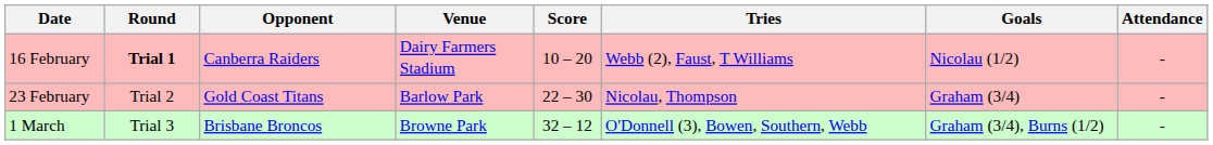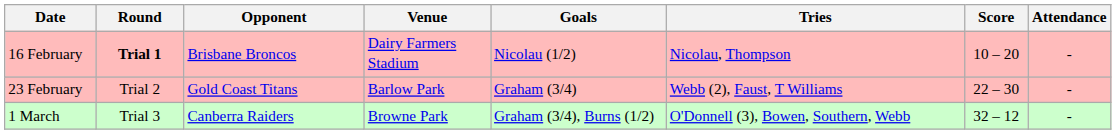 <table class="wikitable" style="font-size:75%;">
 <tr>
 <th style="width:75px;">Date</th>
 <th style="width:75px;">Round</th>
 <th style="width:170px;">Opponent</th>
 <th style="width:115px;">Venue</th>
+<th style="width:170px;">Goals</th>
+<th style="width:300px;">Tries</th>
 <th style="width:50px;">Score</th>
-<th style="width:300px;">Tries</th>
-<th style="width:170px;">Goals</th>
 <th style="width:60px;">Attendance</th>
 </tr>
 <tr style="background:#FFBBBB">
 <td>16 February</td>
 <td style="text-align:center;"><strong>Trial 1</strong></td>
-<td> <a href='#'>Canberra Raiders</a></td>
+<td> <a href='#'>Brisbane Broncos</a></td>
 <td><a href='#'>Dairy Farmers Stadium</a></td>
+<td><a href='#'>Nicolau</a> (1/2)</td>
+<td><a href='#'>Nicolau</a>, <a href='#'>Thompson</a></td>
 <td style="text-align:center;">10 – 20</td>
-<td><a href='#'>Webb</a> (2), <a href='#'>Faust</a>, <a href='#'>T Williams</a></td>
-<td><a href='#'>Nicolau</a> (1/2)</td>
 <td style="text-align:center;">-</td>
 </tr>
 <tr style="background:#FFBBBB">
 <td>23 February</td>
 <td style="text-align:center;">Trial 2</td>
 <td> <a href='#'>Gold Coast Titans</a></td>
 <td><a href='#'>Barlow Park</a></td>
+<td><a href='#'>Graham</a> (3/4)</td>
+<td><a href='#'>Webb</a> (2), <a href='#'>Faust</a>, <a href='#'>T Williams</a></td>
 <td style="text-align:center;">22 – 30</td>
-<td><a href='#'>Nicolau</a>, <a href='#'>Thompson</a></td>
-<td><a href='#'>Graham</a> (3/4)</td>
 <td style="text-align:center;">-</td>
 </tr>
 <tr style="background:#CCFFCC">
 <td>1 March</td>
 <td style="text-align:center;">Trial 3</td>
-<td> <a href='#'>Brisbane Broncos</a></td>
+<td> <a href='#'>Canberra Raiders</a></td>
 <td><a href='#'>Browne Park</a></td>
+<td><a href='#'>Graham</a> (3/4), <a href='#'>Burns</a> (1/2)</td>
+<td><a href='#'>O'Donnell</a> (3), <a href='#'>Bowen</a>, <a href='#'>Southern</a>, <a href='#'>Webb</a></td>
 <td style="text-align:center;">32 – 12</td>
-<td><a href='#'>O'Donnell</a> (3), <a href='#'>Bowen</a>, <a href='#'>Southern</a>, <a href='#'>Webb</a></td>
-<td><a href='#'>Graham</a> (3/4), <a href='#'>Burns</a> (1/2)</td>
 <td style="text-align:center;">-</td>
 </tr>
 </table>
